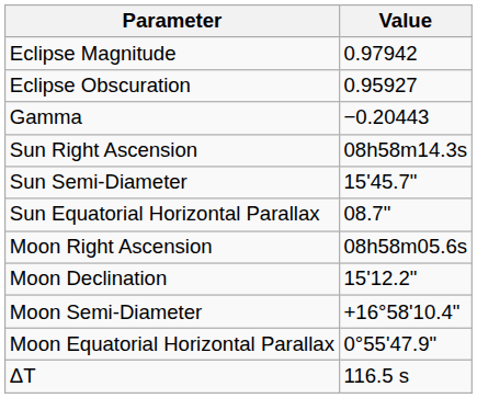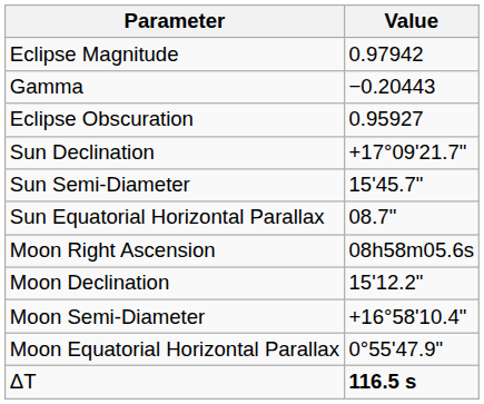 <table class="wikitable">
 <tr>
 <th>Parameter</th>
 <th>Value</th>
 </tr>
 <tr>
 <td>Eclipse Magnitude</td>
 <td>0.97942</td>
 </tr>
 <tr>
+<td>Gamma</td>
+<td>−0.20443</td>
+</tr>
+<tr>
 <td>Eclipse Obscuration</td>
 <td>0.95927</td>
 </tr>
 <tr>
-<td>Gamma</td>
-<td>−0.20443</td>
-</tr>
-<tr>
-<td>Sun Right Ascension</td>
-<td>08h58m14.3s</td>
+<td>Sun Declination</td>
+<td>+17°09'21.7"</td>
 </tr>
 <tr>
 <td>Sun Semi-Diameter</td>
 <td>15'45.7"</td>
 </tr>
 <tr>
 <td>Sun Equatorial Horizontal Parallax</td>
 <td>08.7"</td>
 </tr>
 <tr>
 <td>Moon Right Ascension</td>
 <td>08h58m05.6s</td>
 </tr>
 <tr>
 <td>Moon Declination</td>
 <td>15'12.2"</td>
 </tr>
 <tr>
 <td>Moon Semi-Diameter</td>
 <td>+16°58'10.4"</td>
 </tr>
 <tr>
 <td>Moon Equatorial Horizontal Parallax</td>
 <td>0°55'47.9"</td>
 </tr>
 <tr>
 <td>ΔT</td>
-<td>116.5 s</td>
+<td><strong>116.5 s</strong></td>
 </tr>
 </table>
